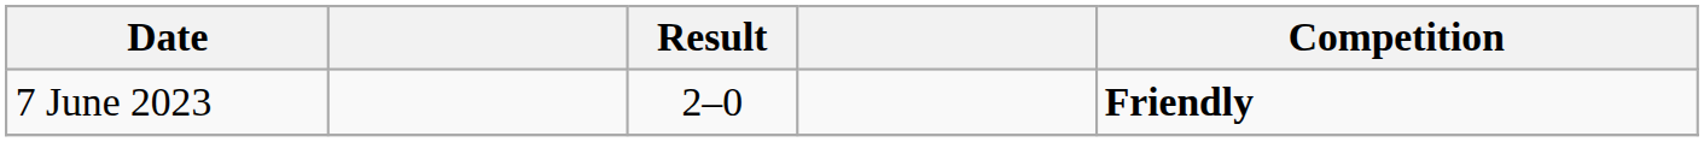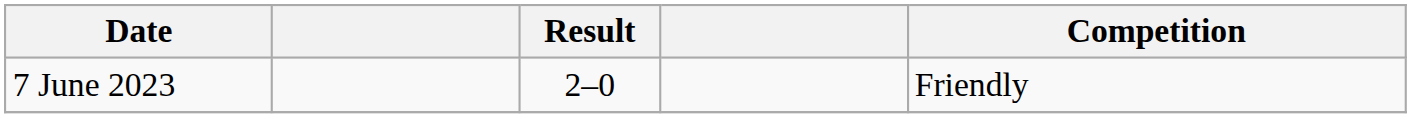 <table class="wikitable">
 <tr>
 <th width=120>Date</th>
 <th width=110></th>
 <th width=60>Result</th>
 <th width=110></th>
 <th width=230>Competition</th>
 </tr>
 <tr>
 <td>7 June 2023</td>
 <td align=right></td>
 <td align=center>2–0</td>
 <td></td>
-<td><strong>Friendly</strong></td>
+<td>Friendly</td>
 </tr>
 <tr>
 </tr>
 </table>
